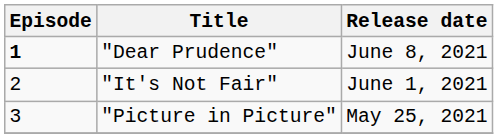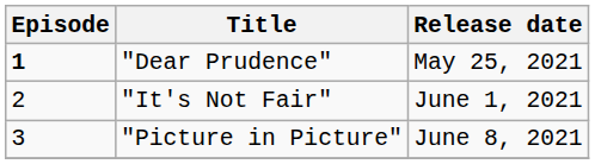 <table class="wikitable">
 <tr>
 <th>Episode</th>
 <th>Title</th>
 <th>Release date</th>
 </tr>
 <tr>
 <td><strong>1</strong></td>
 <td>"Dear Prudence"</td>
-<td>June 8, 2021</td>
+<td>May 25, 2021</td>
 </tr>
 <tr>
 <td>2</td>
 <td>"It's Not Fair"</td>
 <td>June 1, 2021</td>
 </tr>
 <tr>
 <td>3</td>
 <td>"Picture in Picture"</td>
-<td>May 25, 2021</td>
+<td>June 8, 2021</td>
 </tr>
 <tr>
 </tr>
 </table>
